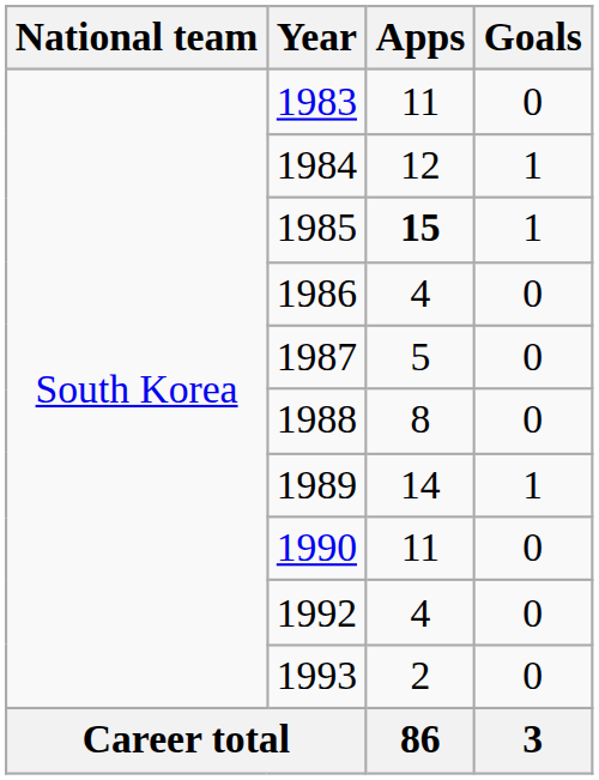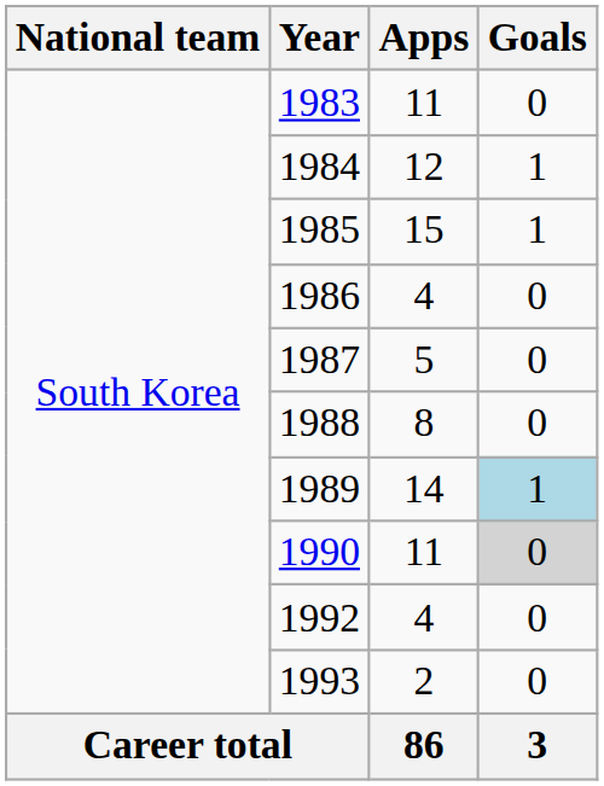 <table class="wikitable" style="text-align:center">
 <tr>
 <th>National team</th>
 <th>Year</th>
 <th>Apps</th>
 <th>Goals</th>
 </tr>
 <tr>
 <td rowspan="10"><a href='#'>South Korea</a></td>
 <td><a href='#'>1983</a></td>
 <td>11</td>
 <td>0</td>
 </tr>
 <tr>
 <td>1984</td>
 <td>12</td>
 <td>1</td>
 </tr>
 <tr>
 <td>1985</td>
-<td><strong>15</strong></td>
+<td>15</td>
 <td>1</td>
 </tr>
 <tr>
 <td>1986</td>
 <td>4</td>
 <td>0</td>
 </tr>
 <tr>
 <td>1987</td>
 <td>5</td>
 <td>0</td>
 </tr>
 <tr>
 <td>1988</td>
 <td>8</td>
 <td>0</td>
 </tr>
 <tr>
 <td>1989</td>
 <td>14</td>
-<td>1</td>
+<td style="background: lightblue;">1</td>
 </tr>
 <tr>
 <td><a href='#'>1990</a></td>
 <td>11</td>
-<td>0</td>
+<td style="background: lightgrey;">0</td>
 </tr>
 <tr>
 <td>1992</td>
 <td>4</td>
 <td>0</td>
 </tr>
 <tr>
 <td>1993</td>
 <td>2</td>
 <td>0</td>
 </tr>
 <tr>
 <th colspan="2">Career total</th>
 <th>86</th>
 <th>3</th>
 </tr>
 </table>
